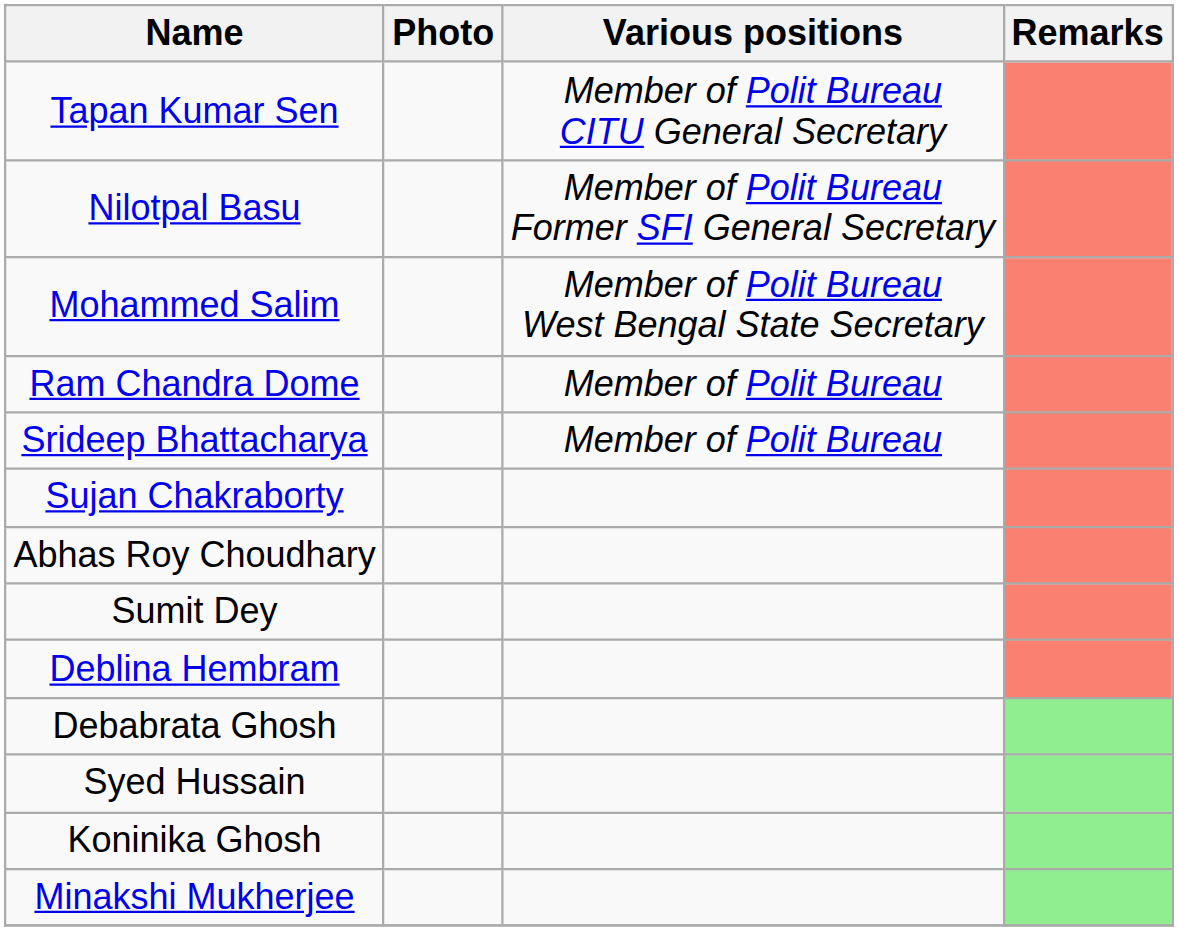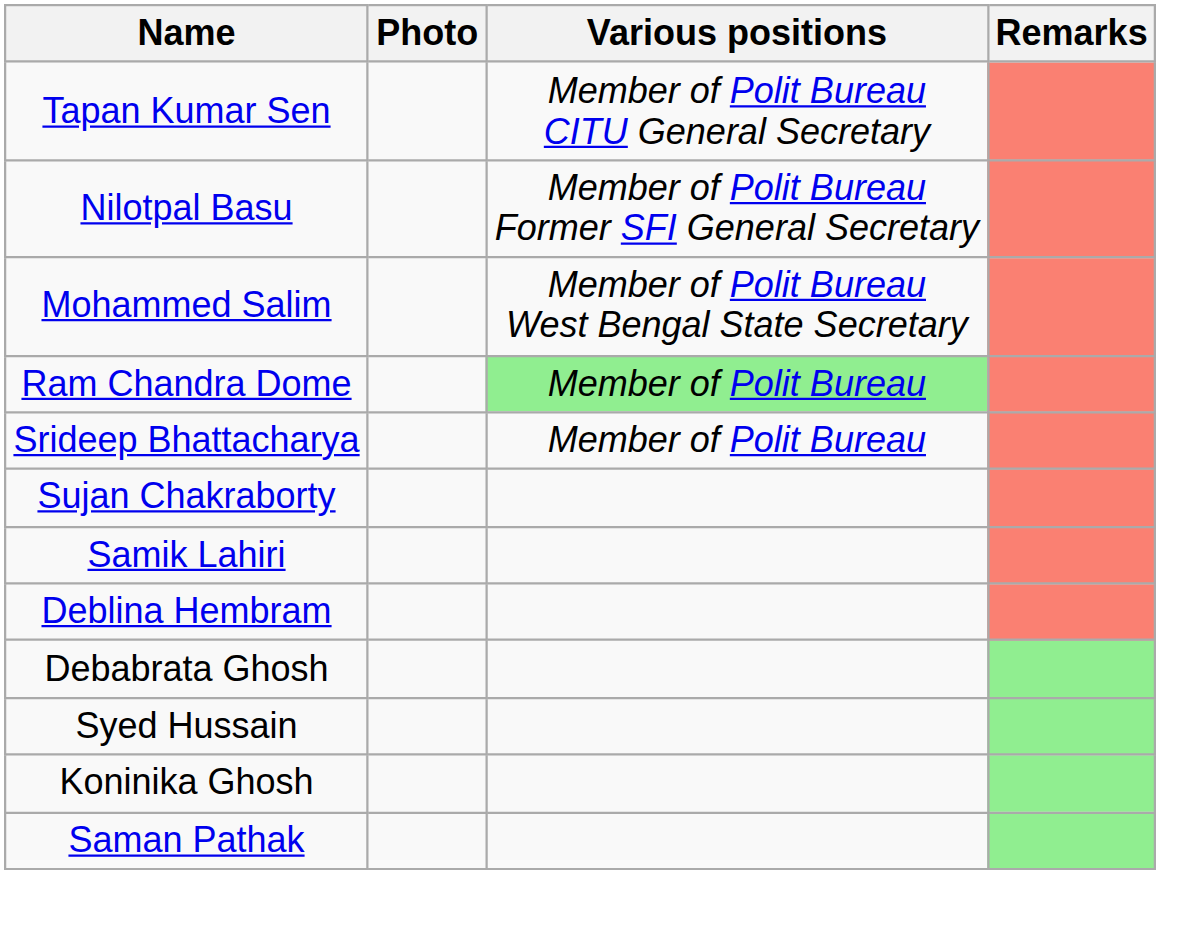 <table class="wikitable sortable" style="text-align:center">
 <tr>
 <th Style="background-color:">Name</th>
 <th Style="background-color:">Photo</th>
 <th Style="background-color:">Various positions</th>
 <th Style="background-color:">Remarks</th>
 </tr>
 <tr>
 <td><a href='#'>Tapan Kumar Sen</a></td>
 <td></td>
 <td><em>Member of <a href='#'>Polit Bureau</a></em><br> <em><a href='#'>CITU</a> General Secretary</em></td>
 <td bgcolor = Salmon></td>
 </tr>
 <tr>
 <td><a href='#'>Nilotpal Basu</a></td>
 <td></td>
 <td><em>Member of <a href='#'>Polit Bureau</a></em><br><em>Former <a href='#'>SFI</a> General Secretary</em></td>
 <td bgcolor = Salmon></td>
 </tr>
 <tr>
 <td><a href='#'>Mohammed Salim</a></td>
 <td></td>
 <td><em>Member of <a href='#'>Polit Bureau</a></em><br><em>West Bengal State Secretary</em></td>
 <td bgcolor = Salmon></td>
 </tr>
 <tr>
 <td><a href='#'>Ram Chandra Dome</a></td>
 <td></td>
-<td><em>Member of <a href='#'>Polit Bureau</a></em></td>
+<td style="background: lightgreen;"><em>Member of <a href='#'>Polit Bureau</a></em></td>
 <td bgcolor = Salmon></td>
 </tr>
 <tr>
 <td><a href='#'>Srideep Bhattacharya</a></td>
 <td></td>
 <td><em>Member of <a href='#'>Polit Bureau</a></em></td>
 <td bgcolor = Salmon></td>
 </tr>
 <tr>
 <td><a href='#'>Sujan Chakraborty</a></td>
 <td></td>
 <td></td>
 <td bgcolor = Salmon></td>
 </tr>
 <tr>
-<td>Abhas Roy Choudhary</td>
-<td></td>
-<td></td>
-<td bgcolor = Salmon></td>
-</tr>
-<tr>
-<td>Sumit Dey</td>
+<td><a href='#'>Samik Lahiri</a></td>
 <td></td>
 <td></td>
 <td bgcolor = Salmon></td>
 </tr>
 <tr>
 <td><a href='#'>Deblina Hembram</a></td>
 <td></td>
 <td></td>
 <td bgcolor = Salmon></td>
 </tr>
 <tr>
 <td>Debabrata Ghosh</td>
 <td></td>
 <td></td>
 <td bgcolor = LightGreen></td>
 </tr>
 <tr>
 <td>Syed Hussain</td>
 <td></td>
 <td></td>
 <td bgcolor = LightGreen></td>
 </tr>
 <tr>
 <td>Koninika Ghosh</td>
 <td></td>
 <td></td>
 <td bgcolor = LightGreen></td>
 </tr>
 <tr>
-<td><a href='#'>Minakshi Mukherjee</a></td>
+<td><a href='#'>Saman Pathak</a></td>
 <td></td>
 <td></td>
 <td bgcolor = LightGreen></td>
 </tr>
 <tr>
 </tr>
 </table>
